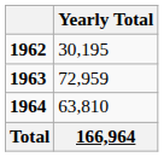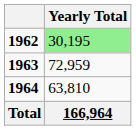 <table class="wikitable">
 <tr>
 <th></th>
 <th>Yearly Total</th>
 </tr>
 <tr>
 <td><strong>1962</strong></td>
-<td>30,195</td>
+<td style="background: lightgreen;">30,195</td>
 </tr>
 <tr>
 <td><strong>1963</strong></td>
 <td>72,959</td>
 </tr>
 <tr>
 <td><strong>1964</strong></td>
 <td>63,810</td>
 </tr>
 <tr>
 <th><strong>Total</strong></th>
 <th><strong><u>166,964</u></strong></th>
 </tr>
 </table>
